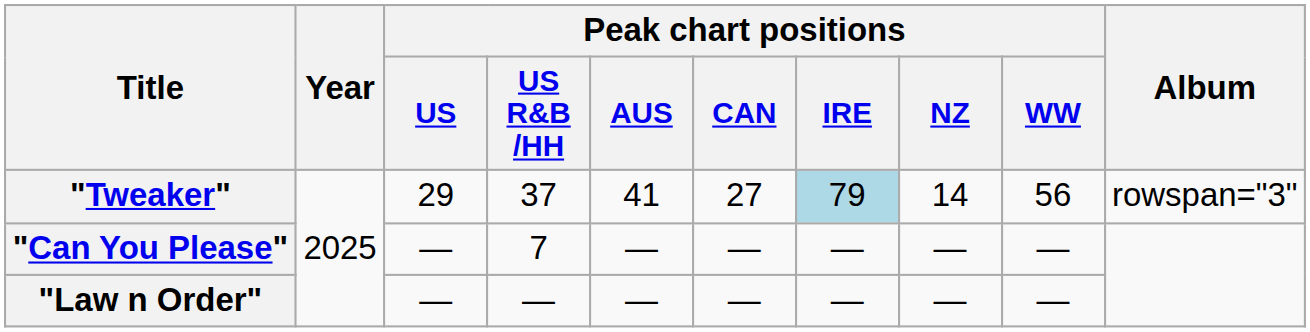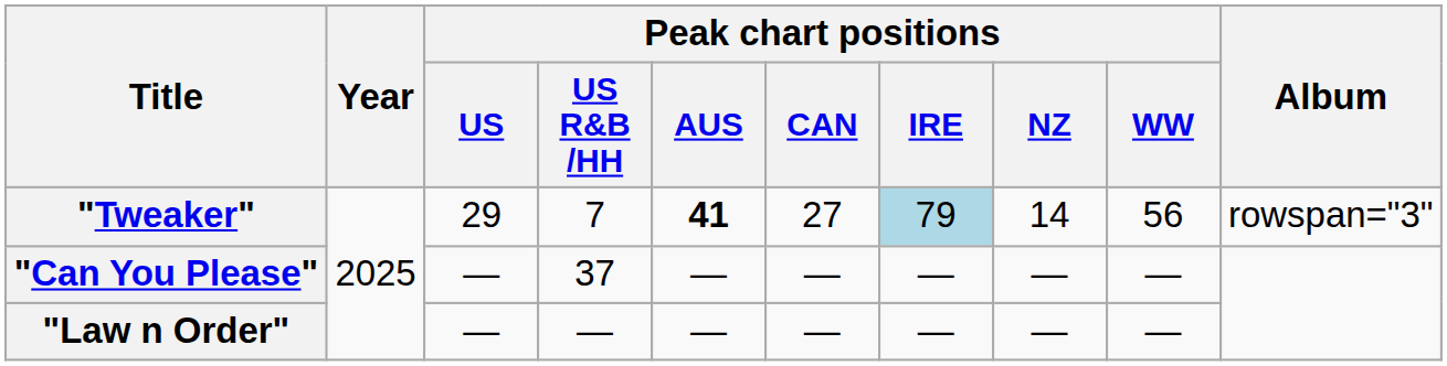 <table class="wikitable plainrowheaders" style="text-align:center;">
 <tr>
 <th scope="col" rowspan="2">Title</th>
 <th scope="col" rowspan="2">Year</th>
 <th scope="col" colspan="7">Peak chart positions</th>
 <th scope="col" rowspan="2">Album</th>
 </tr>
 <tr>
 <th scope="col" style="width:3em;font-size:90%;"><a href='#'>US</a><br></th>
 <th scope="col" style="width:3em;font-size:90%;"><a href='#'>US<br>R&B<br>/HH</a><br></th>
 <th scope="col" style="width:3em;font-size:90%;"><a href='#'>AUS</a><br></th>
 <th scope="col" style="width:3em;font-size:90%;"><a href='#'>CAN</a><br></th>
 <th scope="col" style="width:3em;font-size:90%;"><a href='#'>IRE</a><br></th>
 <th scope="col" style="width:3em;font-size:90%;"><a href='#'>NZ</a><br></th>
 <th scope="col" style="width:3em;font-size:90%;"><a href='#'>WW</a><br></th>
 </tr>
 <tr>
 <th scope="row">"<a href='#'>Tweaker</a>"<br></th>
 <td rowspan="3">2025</td>
 <td>29</td>
-<td>37</td>
-<td>41</td>
+<td>7</td>
+<td><strong>41</strong></td>
 <td>27</td>
 <td style="background: lightblue;">79</td>
 <td>14</td>
 <td>56</td>
 <td>rowspan="3" </td>
 </tr>
 <tr>
 <th scope="row">"<a href='#'>Can You Please</a>"<br></th>
 <td>—</td>
-<td>7</td>
+<td>37</td>
 <td>—</td>
 <td>—</td>
 <td>—</td>
 <td>—</td>
 <td>—</td>
 </tr>
 <tr>
 <th scope="row">"Law n Order"</th>
 <td>—</td>
 <td>—</td>
 <td>—</td>
 <td>—</td>
 <td>—</td>
 <td>—</td>
 <td>—</td>
 </tr>
 </table>
